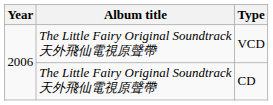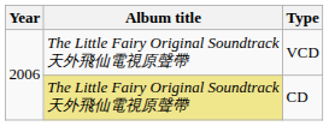 <table class="wikitable sortable">
 <tr>
 <th>Year</th>
 <th>Album title</th>
 <th>Type</th>
 </tr>
 <tr>
 <td rowspan="2">2006</td>
 <td><em>The Little Fairy Original Soundtrack</em><br><em>天外飛仙電視原聲帶</em></td>
 <td>VCD</td>
 </tr>
 <tr>
-<td><em>The Little Fairy Original Soundtrack</em><br><em>天外飛仙電視原聲帶</em></td>
+<td style="background: khaki;"><em>The Little Fairy Original Soundtrack</em><br><em>天外飛仙電視原聲帶</em></td>
 <td>CD</td>
 </tr>
 </table>
